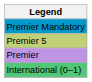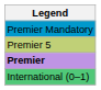 <table class="sortable wikitable" style="font-size:90%;">
 <tr>
 <th>Legend</th>
 </tr>
 <tr>
 <td bgcolor="#0099CC">Premier Mandatory</td>
 </tr>
 <tr>
 <td bgcolor="#c0d077">Premier 5</td>
 </tr>
 <tr>
-<td bgcolor="#BF94E4">Premier</td>
+<td bgcolor="#BF94E4"><strong>Premier</strong></td>
 </tr>
 <tr>
 <td bgcolor="#50C878">International (0–1)</td>
 </tr>
 <tr>
 </tr>
 </table>
